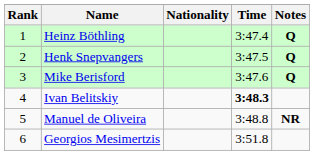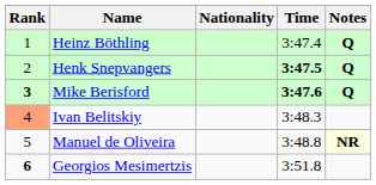 <table class="wikitable sortable" style="text-align:center">
 <tr>
 </tr>
 <tr>
 <th scope=col>Rank</th>
 <th scope=col>Name</th>
 <th scope=col>Nationality</th>
 <th scope=col>Time</th>
 <th scope=col>Notes</th>
 </tr>
 <tr bgcolor=ccffcc>
 <td>1</td>
 <td align=left><a href='#'>Heinz Böthling</a></td>
 <td align=left></td>
 <td>3:47.4</td>
 <td><strong>Q</strong></td>
 </tr>
 <tr bgcolor=ccffcc>
 <td>2</td>
 <td align=left><a href='#'>Henk Snepvangers</a></td>
 <td align=left></td>
-<td>3:47.5</td>
+<td><strong>3:47.5</strong></td>
 <td><strong>Q</strong></td>
 </tr>
 <tr bgcolor=ccffcc>
-<td>3</td>
+<td><strong>3</strong></td>
 <td align=left><a href='#'>Mike Berisford</a></td>
 <td align=left></td>
-<td>3:47.6</td>
+<td><strong>3:47.6</strong></td>
 <td><strong>Q</strong></td>
 </tr>
 <tr>
-<td>4</td>
+<td style="background: lightsalmon;">4</td>
 <td align=left><a href='#'>Ivan Belitskiy</a></td>
 <td align=left></td>
-<td><strong>3:48.3</strong></td>
+<td>3:48.3</td>
 <td></td>
 </tr>
 <tr>
 <td>5</td>
 <td align=left><a href='#'>Manuel de Oliveira</a></td>
 <td align=left></td>
 <td>3:48.8</td>
-<td><strong>NR</strong></td>
+<td style="background: lightyellow;"><strong>NR</strong></td>
 </tr>
 <tr>
-<td>6</td>
+<td><strong>6</strong></td>
 <td align=left><a href='#'>Georgios Mesimertzis</a></td>
 <td align=left></td>
 <td>3:51.8</td>
 <td></td>
 </tr>
 </table>
